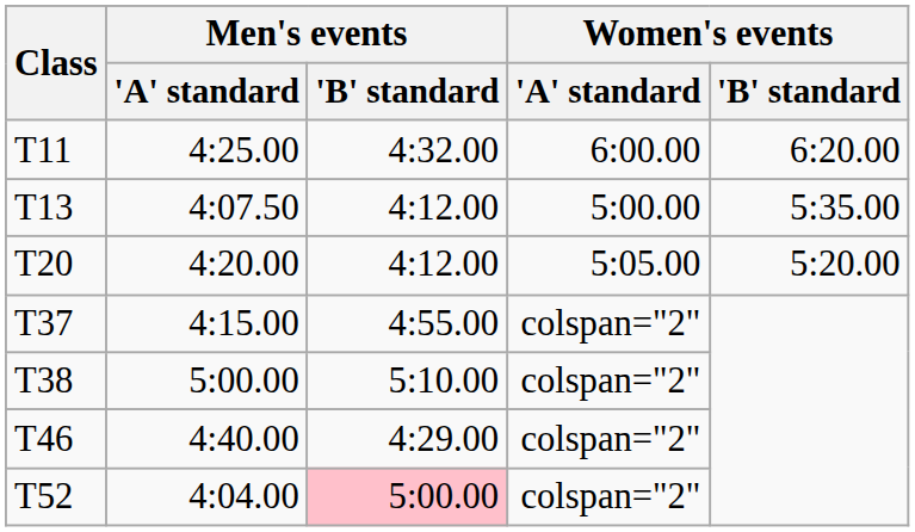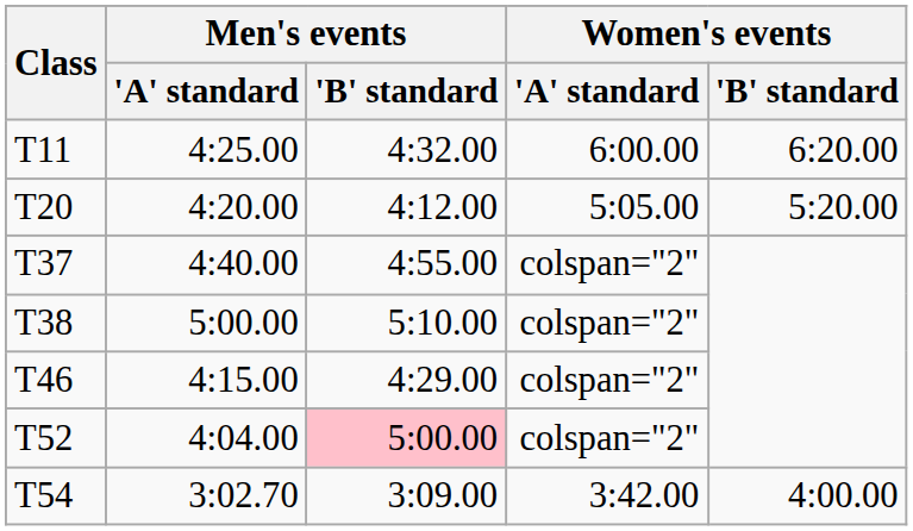 <table class="wikitable" style="text-align:right">
 <tr>
 <th rowspan="2">Class</th>
 <th colspan="2">Men's events</th>
 <th colspan="2">Women's events</th>
 </tr>
 <tr style="font-size:95%">
 <th>'A' standard</th>
 <th>'B' standard</th>
 <th>'A' standard</th>
 <th>'B' standard</th>
 </tr>
 <tr>
 <td style="text-align:left">T11</td>
 <td>4:25.00</td>
 <td>4:32.00</td>
 <td>6:00.00</td>
 <td>6:20.00</td>
 </tr>
 <tr>
-<td style="text-align:left">T13</td>
-<td>4:07.50</td>
-<td>4:12.00</td>
-<td>5:00.00</td>
-<td>5:35.00</td>
-</tr>
-<tr>
 <td style="text-align:left">T20</td>
 <td>4:20.00</td>
 <td>4:12.00</td>
 <td>5:05.00</td>
 <td>5:20.00</td>
 </tr>
 <tr>
 <td style="text-align:left">T37</td>
-<td>4:15.00</td>
+<td>4:40.00</td>
 <td>4:55.00</td>
 <td>colspan="2" </td>
 </tr>
 <tr>
 <td style="text-align:left">T38</td>
 <td>5:00.00</td>
 <td>5:10.00</td>
 <td>colspan="2" </td>
 </tr>
 <tr>
 <td style="text-align:left">T46</td>
-<td>4:40.00</td>
+<td>4:15.00</td>
 <td>4:29.00</td>
 <td>colspan="2" </td>
 </tr>
 <tr>
 <td style="text-align:left">T52</td>
 <td>4:04.00</td>
 <td style="background: pink;">5:00.00</td>
 <td>colspan="2" </td>
 </tr>
+<tr>
+<td style="text-align:left">T54</td>
+<td>3:02.70</td>
+<td>3:09.00</td>
+<td>3:42.00</td>
+<td>4:00.00</td>
+</tr>
 </table>
